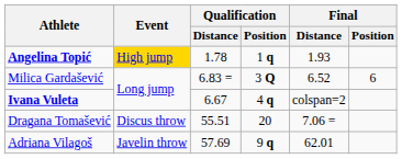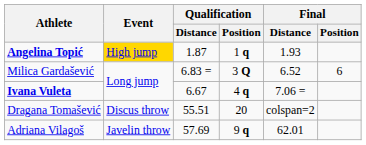 <table class="wikitable" style="font-size:90%">
 <tr>
 <th rowspan="2">Athlete</th>
 <th rowspan="2">Event</th>
 <th colspan="2">Qualification</th>
 <th colspan="2">Final</th>
 </tr>
 <tr style="font-size:95%">
 <th>Distance</th>
 <th>Position</th>
 <th>Distance</th>
 <th>Position</th>
 </tr>
 <tr align="center">
 <td align="left"><strong><a href='#'>Angelina Topić</a></strong></td>
 <td align="left" style="background: gold;"><a href='#'>High jump</a></td>
-<td>1.78</td>
+<td>1.87</td>
 <td>1 <strong>q</strong></td>
 <td>1.93</td>
 <td></td>
 </tr>
 <tr align="center">
 <td align="left"><a href='#'>Milica Gardašević</a></td>
 <td align="left" rowspan=2><a href='#'>Long jump</a></td>
 <td>6.83 =</td>
 <td>3 <strong>Q</strong></td>
 <td>6.52</td>
 <td>6</td>
 </tr>
 <tr align="center">
 <td align="left"><strong><a href='#'>Ivana Vuleta</a></strong></td>
 <td>6.67</td>
 <td>4 <strong>q</strong></td>
-<td>colspan=2 </td>
+<td>7.06 =</td>
 <td></td>
 </tr>
 <tr align="center">
 <td align="left"><a href='#'>Dragana Tomašević</a></td>
 <td align="left"><a href='#'>Discus throw</a></td>
 <td>55.51</td>
 <td>20</td>
-<td>7.06 =</td>
+<td>colspan=2 </td>
 </tr>
 <tr align="center">
 <td align="left"><a href='#'>Adriana Vilagoš</a></td>
 <td align="left"><a href='#'>Javelin throw</a></td>
 <td>57.69</td>
 <td>9 <strong>q</strong></td>
 <td>62.01</td>
 <td></td>
 </tr>
 </table>
